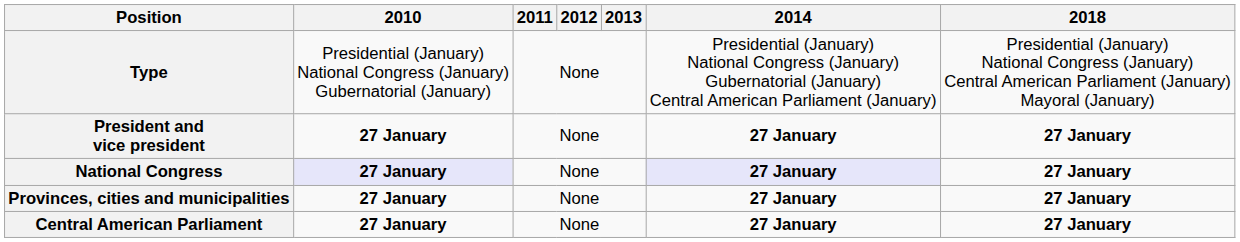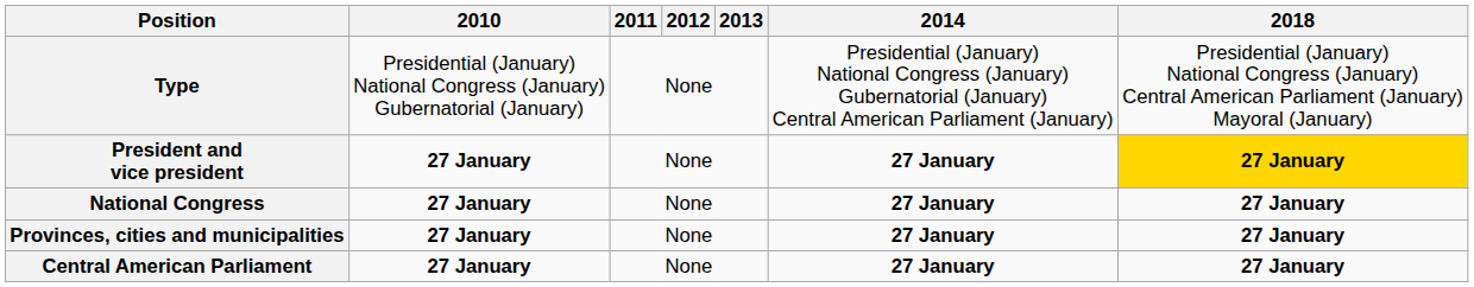 <table class=wikitable style="text-align:center;">
 <tr>
 <th>Position</th>
 <th>2010</th>
 <th>2011</th>
 <th>2012</th>
 <th>2013</th>
 <th>2014</th>
 <th>2018</th>
 </tr>
 <tr>
 <th>Type</th>
 <td>Presidential (January)<br>National Congress (January)<br>Gubernatorial (January)</td>
 <td colspan=3>None</td>
 <td>Presidential (January)<br>National Congress (January)<br>Gubernatorial (January)<br>Central American Parliament (January)<br></td>
 <td>Presidential (January)<br>National Congress (January)<br>Central American Parliament (January)<br>Mayoral (January)</td>
 </tr>
 <tr>
 <th>President and<br>vice president</th>
 <td><strong>27 January</strong></td>
 <td colspan=3>None</td>
 <td><strong>27 January</strong></td>
-<td><strong>27 January</strong></td>
+<td style="background: gold;"><strong>27 January</strong></td>
 </tr>
 <tr>
 <th>National Congress</th>
-<td style="background: lavender;"><strong>27 January</strong></td>
+<td><strong>27 January</strong></td>
 <td colspan=3>None</td>
-<td style="background: lavender;"><strong>27 January</strong></td>
+<td><strong>27 January</strong></td>
 <td><strong>27 January</strong></td>
 </tr>
 <tr>
 <th>Provinces, cities and municipalities</th>
 <td><strong>27 January</strong></td>
 <td colspan=3>None</td>
 <td><strong>27 January</strong></td>
 <td><strong>27 January</strong></td>
 </tr>
 <tr>
 <th>Central American Parliament</th>
 <td><strong>27 January</strong></td>
 <td colspan=3>None</td>
 <td><strong>27 January</strong></td>
 <td><strong>27 January</strong></td>
 </tr>
 </table>
